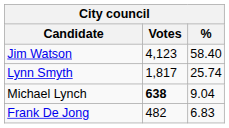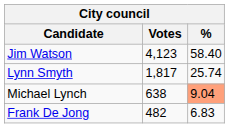 <table class="wikitable">
 <tr>
 <th colspan="3">City council</th>
 </tr>
 <tr>
 <th style="width: 170px">Candidate</th>
 <th style="width: 50px">Votes</th>
 <th style="width: 40px">%</th>
 </tr>
 <tr>
 <td><a href='#'>Jim Watson</a></td>
 <td>4,123</td>
 <td>58.40</td>
 </tr>
 <tr>
 <td><a href='#'>Lynn Smyth</a></td>
 <td>1,817</td>
 <td>25.74</td>
 </tr>
 <tr>
 <td>Michael Lynch</td>
-<td><strong>638</strong></td>
-<td>9.04</td>
+<td>638</td>
+<td style="background: lightsalmon;">9.04</td>
 </tr>
 <tr>
 <td><a href='#'>Frank De Jong</a></td>
 <td>482</td>
 <td>6.83</td>
 </tr>
 </table>
